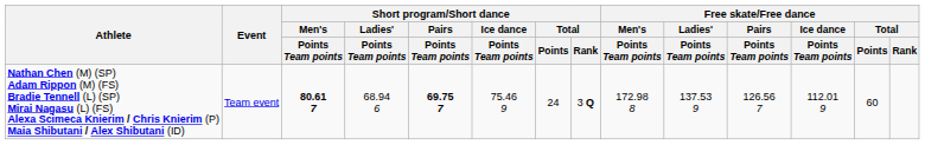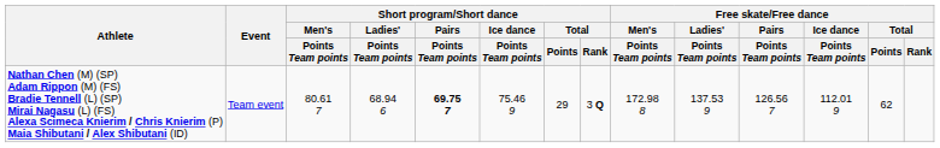 <table class=wikitable style=font-size:90%;text-align:center>
 <tr>
 <th rowspan=3>Athlete</th>
 <th rowspan=3>Event</th>
 <th colspan=6>Short program/Short dance</th>
 <th colspan=6>Free skate/Free dance</th>
 </tr>
 <tr style=font-size:95%>
 <th>Men's</th>
 <th>Ladies'</th>
 <th>Pairs</th>
 <th>Ice dance</th>
 <th colspan=2>Total</th>
 <th>Men's</th>
 <th>Ladies'</th>
 <th>Pairs</th>
 <th>Ice dance</th>
 <th colspan=2>Total</th>
 </tr>
 <tr style=font-size:95%>
 <th>Points<br><em>Team points</em></th>
 <th>Points<br><em>Team points</em></th>
 <th>Points<br><em>Team points</em></th>
 <th>Points<br><em>Team points</em></th>
 <th>Points</th>
 <th>Rank</th>
 <th>Points<br><em>Team points</em></th>
 <th>Points<br><em>Team points</em></th>
 <th>Points<br><em>Team points</em></th>
 <th>Points<br><em>Team points</em></th>
 <th>Points</th>
 <th>Rank</th>
 </tr>
 <tr>
 <td align=left><strong><a href='#'>Nathan Chen</a></strong> (M) (SP)<br><strong><a href='#'>Adam Rippon</a></strong> (M) (FS)<br><strong><a href='#'>Bradie Tennell</a></strong> (L) (SP)<br><strong><a href='#'>Mirai Nagasu</a></strong> (L) (FS)<br><strong><a href='#'>Alexa Scimeca Knierim</a> / <a href='#'>Chris Knierim</a></strong> (P)<br><strong><a href='#'>Maia Shibutani</a> / <a href='#'>Alex Shibutani</a></strong> (ID)</td>
 <td align=left><a href='#'>Team event</a></td>
-<td><strong>80.61<br><em>7</em></strong></td>
+<td>80.61<br><em>7</em></td>
 <td>68.94<br><em>6</em></td>
 <td><strong>69.75<br><em>7</em></strong></td>
 <td>75.46<br><em>9</em></td>
-<td>24</td>
+<td>29</td>
 <td>3 <strong>Q</strong></td>
 <td>172.98<br><em>8</em></td>
 <td>137.53<br><em>9</em></td>
 <td>126.56<br><em>7</em></td>
 <td>112.01<br><em>9</em></td>
-<td>60</td>
+<td>62</td>
 <td></td>
 </tr>
 </table>
